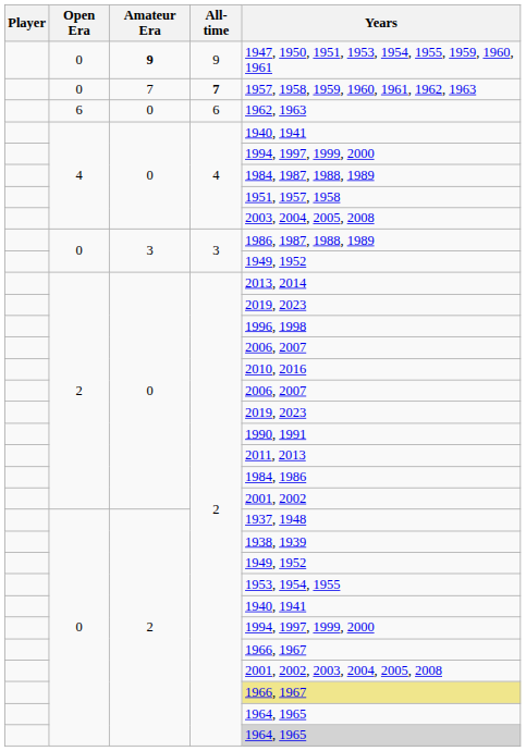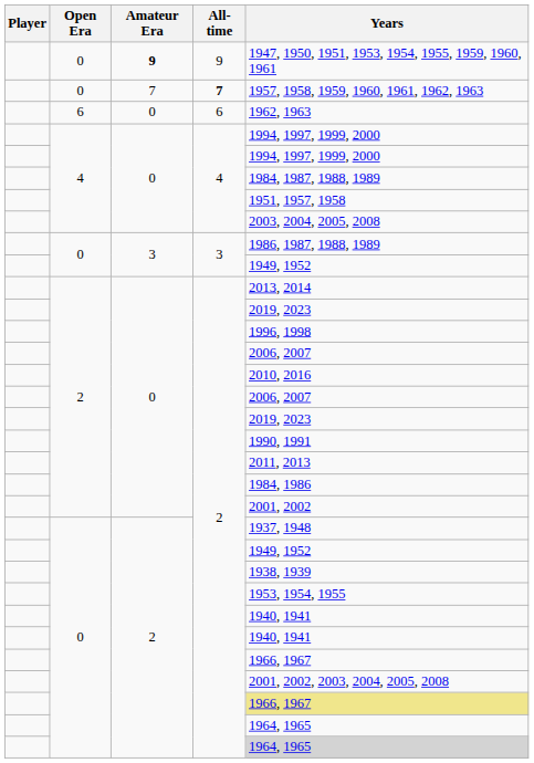 <table class="wikitable sortable">
 <tr>
 <th>Player</th>
 <th>Open Era</th>
 <th>Amateur Era</th>
 <th>All-time</th>
 <th class="unsortable">Years</th>
 </tr>
 <tr>
 <td></td>
 <td align="center">0</td>
 <td align="center"><strong>9</strong></td>
 <td align="center">9</td>
 <td><a href='#'>1947</a>, <a href='#'>1950</a>, <a href='#'>1951</a>, <a href='#'>1953</a>, <a href='#'>1954</a>, <a href='#'>1955</a>, <a href='#'>1959</a>, <a href='#'>1960</a>, <a href='#'>1961</a></td>
 </tr>
 <tr>
 <td></td>
 <td align="center">0</td>
 <td align="center">7</td>
 <td align="center"><strong>7</strong></td>
 <td><a href='#'>1957</a>, <a href='#'>1958</a>, <a href='#'>1959</a>, <a href='#'>1960</a>, <a href='#'>1961</a>, <a href='#'>1962</a>, <a href='#'>1963</a></td>
 </tr>
 <tr>
 <td></td>
 <td align="center">6</td>
 <td align="center">0</td>
 <td align="center">6</td>
 <td><a href='#'>1962</a>, <a href='#'>1963</a></td>
 </tr>
 <tr>
 <td></td>
 <td rowspan="5" align="center">4</td>
 <td rowspan="5" align="center">0</td>
 <td rowspan="5" align="center">4</td>
-<td><a href='#'>1940</a>, <a href='#'>1941</a></td>
+<td><a href='#'>1994</a>, <a href='#'>1997</a>, <a href='#'>1999</a>, <a href='#'>2000</a></td>
 </tr>
 <tr>
 <td></td>
 <td><a href='#'>1994</a>, <a href='#'>1997</a>, <a href='#'>1999</a>, <a href='#'>2000</a></td>
 </tr>
 <tr>
 <td></td>
 <td><a href='#'>1984</a>, <a href='#'>1987</a>, <a href='#'>1988</a>, <a href='#'>1989</a></td>
 </tr>
 <tr>
 <td></td>
 <td><a href='#'>1951</a>, <a href='#'>1957</a>, <a href='#'>1958</a></td>
 </tr>
 <tr>
 <td></td>
 <td><a href='#'>2003</a>, <a href='#'>2004</a>, <a href='#'>2005</a>, <a href='#'>2008</a></td>
 </tr>
 <tr>
 <td></td>
 <td rowspan="2" align="center">0</td>
 <td rowspan="2" align="center">3</td>
 <td rowspan="2" align="center">3</td>
 <td><a href='#'>1986</a>, <a href='#'>1987</a>, <a href='#'>1988</a>, <a href='#'>1989</a></td>
 </tr>
 <tr>
 <td></td>
 <td><a href='#'>1949</a>, <a href='#'>1952</a></td>
 </tr>
 <tr>
 <td></td>
 <td rowspan="11" align="center">2</td>
 <td rowspan="11" align="center">0</td>
 <td rowspan="23" align="center">2</td>
 <td><a href='#'>2013</a>, <a href='#'>2014</a></td>
 </tr>
 <tr>
 <td></td>
 <td><a href='#'>2019</a>, <a href='#'>2023</a></td>
 </tr>
 <tr>
 <td></td>
 <td><a href='#'>1996</a>, <a href='#'>1998</a></td>
 </tr>
 <tr>
 <td></td>
 <td><a href='#'>2006</a>, <a href='#'>2007</a></td>
 </tr>
 <tr>
 <td></td>
 <td><a href='#'>2010</a>, <a href='#'>2016</a></td>
 </tr>
 <tr>
 <td></td>
 <td><a href='#'>2006</a>, <a href='#'>2007</a></td>
 </tr>
 <tr>
 <td></td>
 <td><a href='#'>2019</a>, <a href='#'>2023</a></td>
 </tr>
 <tr>
 <td></td>
 <td><a href='#'>1990</a>, <a href='#'>1991</a></td>
 </tr>
 <tr>
 <td></td>
 <td><a href='#'>2011</a>, <a href='#'>2013</a></td>
 </tr>
 <tr>
 <td></td>
 <td><a href='#'>1984</a>, <a href='#'>1986</a></td>
 </tr>
 <tr>
 <td></td>
 <td><a href='#'>2001</a>, <a href='#'>2002</a></td>
 </tr>
 <tr>
 <td></td>
 <td rowspan="11" align="center">0</td>
 <td rowspan="11" align="center">2</td>
 <td><a href='#'>1937</a>, <a href='#'>1948</a></td>
 </tr>
 <tr>
 <td></td>
-<td><a href='#'>1938</a>, <a href='#'>1939</a></td>
+<td><a href='#'>1949</a>, <a href='#'>1952</a></td>
 </tr>
 <tr>
 <td></td>
-<td><a href='#'>1949</a>, <a href='#'>1952</a></td>
+<td><a href='#'>1938</a>, <a href='#'>1939</a></td>
 </tr>
 <tr>
 <td></td>
 <td><a href='#'>1953</a>, <a href='#'>1954</a>, <a href='#'>1955</a></td>
 </tr>
 <tr>
 <td></td>
 <td><a href='#'>1940</a>, <a href='#'>1941</a></td>
 </tr>
 <tr>
 <td></td>
-<td><a href='#'>1994</a>, <a href='#'>1997</a>, <a href='#'>1999</a>, <a href='#'>2000</a></td>
+<td><a href='#'>1940</a>, <a href='#'>1941</a></td>
 </tr>
 <tr>
 <td></td>
 <td><a href='#'>1966</a>, <a href='#'>1967</a></td>
 </tr>
 <tr>
 <td></td>
 <td><a href='#'>2001</a>, <a href='#'>2002</a>, <a href='#'>2003</a>, <a href='#'>2004</a>, <a href='#'>2005</a>, <a href='#'>2008</a></td>
 </tr>
 <tr>
 <td></td>
 <td style="background: khaki;"><a href='#'>1966</a>, <a href='#'>1967</a></td>
 </tr>
 <tr>
 <td></td>
 <td><a href='#'>1964</a>, <a href='#'>1965</a></td>
 </tr>
 <tr>
 <td></td>
 <td style="background: lightgrey;"><a href='#'>1964</a>, <a href='#'>1965</a></td>
 </tr>
 </table>
